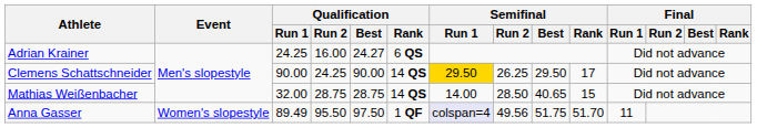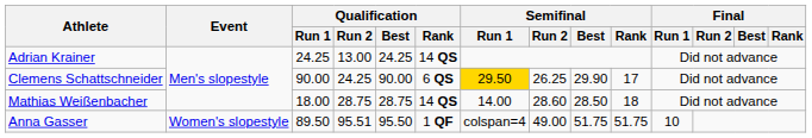 <table class="wikitable" style="font-size:90%">
 <tr>
 <th rowspan="2">Athlete</th>
 <th rowspan="2">Event</th>
 <th colspan="4">Qualification</th>
 <th colspan="4">Semifinal</th>
 <th colspan="4">Final</th>
 </tr>
 <tr style="font-size:95%">
 <th>Run 1</th>
 <th>Run 2</th>
 <th>Best</th>
 <th>Rank</th>
 <th>Run 1</th>
 <th>Run 2</th>
 <th>Best</th>
 <th>Rank</th>
 <th>Run 1</th>
 <th>Run 2</th>
 <th>Best</th>
 <th>Rank</th>
 </tr>
 <tr align=center>
 <td align=left><a href='#'>Adrian Krainer</a></td>
 <td align=left rowspan=3><a href='#'>Men's slopestyle</a></td>
 <td>24.25</td>
-<td>16.00</td>
-<td>24.27</td>
-<td>6 <strong>QS</strong></td>
+<td>13.00</td>
+<td>24.25</td>
+<td>14 <strong>QS</strong></td>
 <td colspan=4></td>
 <td colspan=4>Did not advance</td>
 </tr>
 <tr align=center>
 <td align=left><a href='#'>Clemens Schattschneider</a></td>
 <td>90.00</td>
 <td>24.25</td>
 <td>90.00</td>
-<td>14 <strong>QS</strong></td>
+<td>6 <strong>QS</strong></td>
 <td style="background: gold;">29.50</td>
 <td>26.25</td>
-<td>29.50</td>
+<td>29.90</td>
 <td>17</td>
 <td colspan=4>Did not advance</td>
 </tr>
 <tr align=center>
 <td align=left><a href='#'>Mathias Weißenbacher</a></td>
-<td>32.00</td>
+<td>18.00</td>
 <td>28.75</td>
 <td>28.75</td>
 <td>14 <strong>QS</strong></td>
 <td>14.00</td>
+<td>28.60</td>
 <td>28.50</td>
-<td>40.65</td>
-<td>15</td>
+<td>18</td>
 <td colspan=4>Did not advance</td>
 </tr>
 <tr align=center>
 <td align=left><a href='#'>Anna Gasser</a></td>
 <td align=left><a href='#'>Women's slopestyle</a></td>
-<td>89.49</td>
+<td>89.50</td>
+<td>95.51</td>
 <td>95.50</td>
-<td>97.50</td>
 <td>1 <strong>QF</strong></td>
-<td style="background: lavender;">colspan=4 </td>
-<td>49.56</td>
+<td>colspan=4 </td>
+<td>49.00</td>
 <td>51.75</td>
-<td>51.70</td>
-<td>11</td>
+<td>51.75</td>
+<td>10</td>
 </tr>
 </table>
